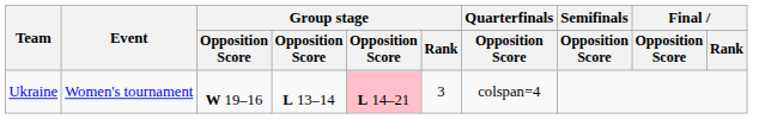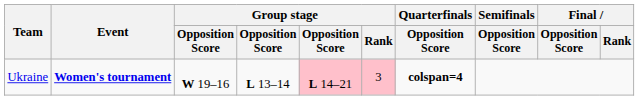 <table class="wikitable" style="text-align:center; font-size:90%">
 <tr>
 <th rowspan=2>Team</th>
 <th rowspan=2>Event</th>
 <th colspan=4>Group stage</th>
 <th>Quarterfinals</th>
 <th>Semifinals</th>
 <th colspan=2>Final / </th>
 </tr>
 <tr style="font-size:95%">
 <th>Opposition<br>Score</th>
 <th>Opposition<br>Score</th>
 <th>Opposition<br>Score</th>
 <th>Rank</th>
 <th>Opposition<br>Score</th>
 <th>Opposition<br>Score</th>
 <th>Opposition<br>Score</th>
 <th>Rank</th>
 </tr>
 <tr>
 <td align=left><a href='#'>Ukraine</a></td>
-<td align=left><a href='#'>Women's tournament</a></td>
+<td align=left><strong><a href='#'>Women's tournament</a></strong></td>
 <td><br><strong>W</strong> 19–16</td>
 <td><br><strong>L</strong> 13–14</td>
 <td style="background: pink;"><br><strong>L</strong> 14–21</td>
-<td>3</td>
-<td>colspan=4 </td>
+<td style="background: pink;">3</td>
+<td><strong>colspan=4 </strong></td>
 </tr>
 </table>
